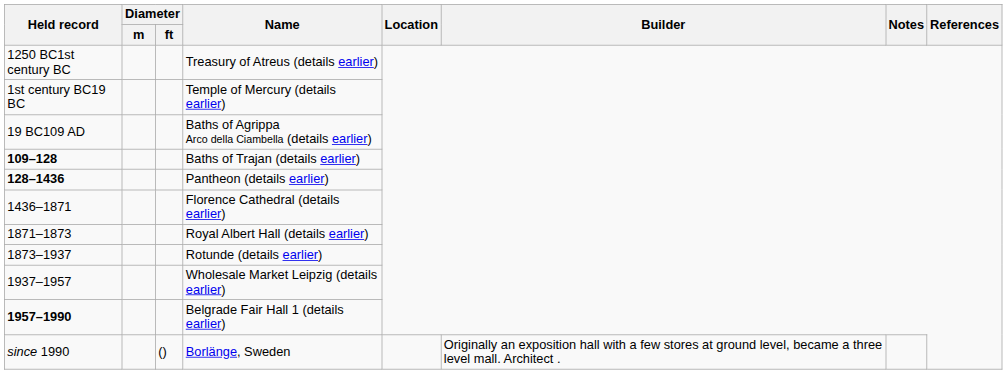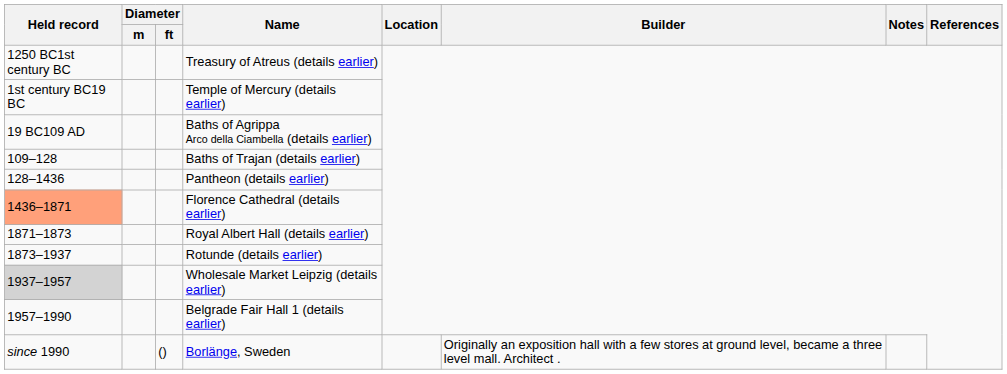 <table class="wikitable sortable">
 <tr>
 <th rowspan=2>Held record</th>
 <th colspan=2 data-sort-type="number">Diameter</th>
 <th rowspan=2>Name</th>
 <th rowspan=2>Location</th>
 <th rowspan=2>Builder</th>
 <th rowspan=2>Notes</th>
 <th rowspan=2>References</th>
 </tr>
 <tr>
 <th>m</th>
 <th>ft</th>
 </tr>
 <tr>
 <td>1250 BC1st century BC</td>
 <td></td>
 <td></td>
 <td>Treasury of Atreus (details <a href='#'>earlier</a>)</td>
 </tr>
 <tr>
 <td>1st century BC19 BC</td>
 <td></td>
 <td></td>
 <td>Temple of Mercury (details <a href='#'>earlier</a>)</td>
 </tr>
 <tr>
 <td>19 BC109 AD</td>
 <td></td>
 <td></td>
 <td>Baths of Agrippa<br><small>Arco della Ciambella</small> (details <a href='#'>earlier</a>)</td>
 </tr>
 <tr>
-<td><strong>109–128</strong></td>
+<td>109–128</td>
 <td></td>
 <td></td>
 <td>Baths of Trajan (details <a href='#'>earlier</a>)</td>
 </tr>
 <tr>
-<td><strong>128–1436</strong></td>
+<td>128–1436</td>
 <td></td>
 <td></td>
 <td>Pantheon (details <a href='#'>earlier</a>)</td>
 </tr>
 <tr>
-<td>1436–1871</td>
+<td style="background: lightsalmon;">1436–1871</td>
 <td></td>
 <td></td>
 <td>Florence Cathedral (details <a href='#'>earlier</a>)</td>
 </tr>
 <tr>
 <td>1871–1873</td>
 <td></td>
 <td></td>
 <td>Royal Albert Hall (details <a href='#'>earlier</a>)</td>
 </tr>
 <tr>
 <td>1873–1937</td>
 <td></td>
 <td></td>
 <td>Rotunde (details <a href='#'>earlier</a>)</td>
 </tr>
 <tr>
-<td>1937–1957</td>
+<td style="background: lightgrey;">1937–1957</td>
 <td></td>
 <td></td>
 <td>Wholesale Market Leipzig (details <a href='#'>earlier</a>)</td>
 </tr>
 <tr>
-<td><strong>1957–1990</strong></td>
+<td>1957–1990</td>
 <td></td>
 <td></td>
 <td>Belgrade Fair  Hall 1 (details <a href='#'>earlier</a>)</td>
 </tr>
 <tr>
 <td><em>since</em> 1990</td>
 <td></td>
 <td> ()</td>
 <td><a href='#'>Borlänge</a>, Sweden</td>
 <td></td>
 <td>Originally an exposition hall with a few stores at ground level, became a three level mall. Architect .</td>
 <td></td>
 </tr>
 </table>
